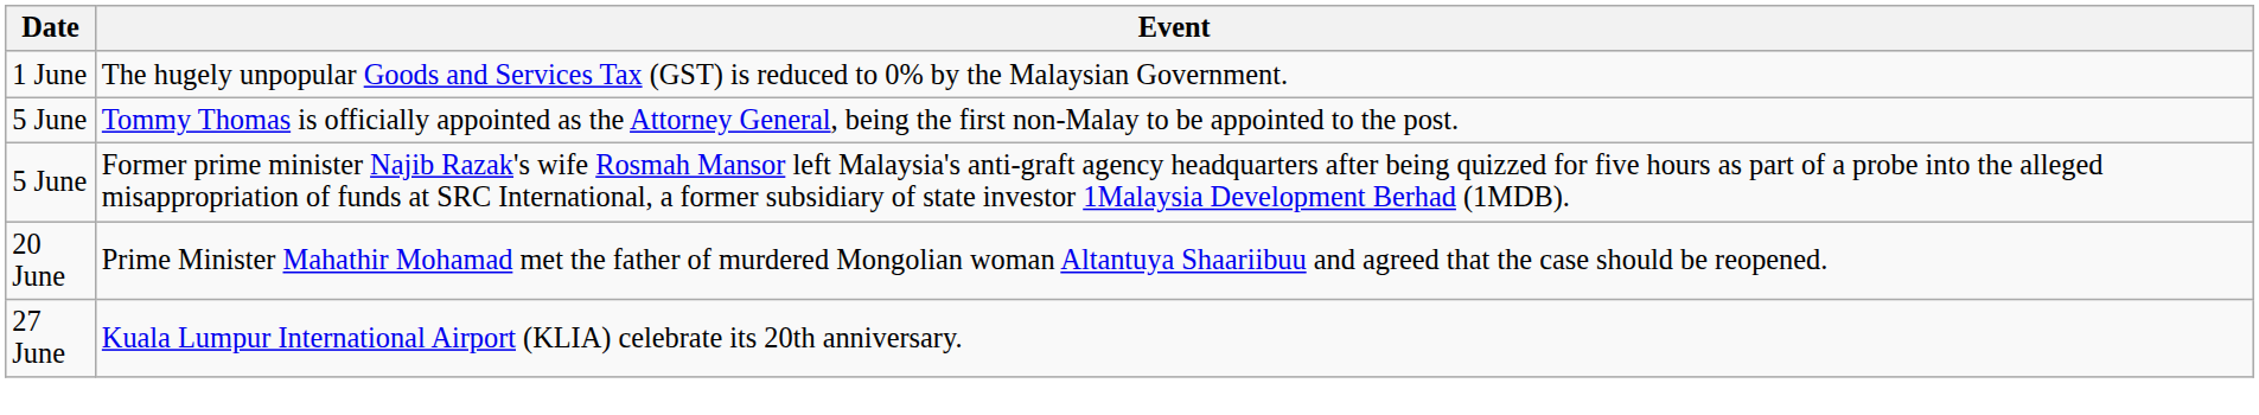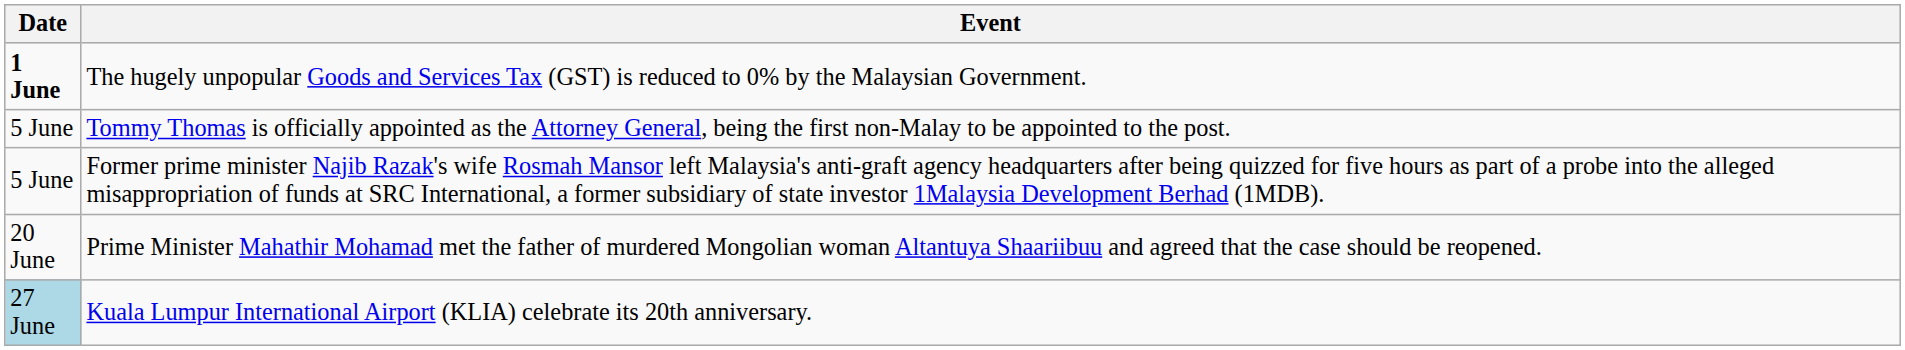 <table class="wikitable">
 <tr>
 <th>Date</th>
 <th>Event</th>
 </tr>
 <tr>
-<td>1 June</td>
+<td><strong>1 June</strong></td>
 <td>The hugely unpopular <a href='#'>Goods and Services Tax</a> (GST) is reduced to 0% by the Malaysian Government.</td>
 </tr>
 <tr>
 <td>5 June</td>
 <td><a href='#'>Tommy Thomas</a> is officially appointed as the <a href='#'>Attorney General</a>, being the first non-Malay to be appointed to the post.</td>
 </tr>
 <tr>
 <td>5 June</td>
 <td>Former prime minister <a href='#'>Najib Razak</a>'s wife <a href='#'>Rosmah Mansor</a> left Malaysia's anti-graft agency headquarters after being quizzed for five hours as part of a probe into the alleged misappropriation of funds at SRC International, a former subsidiary of state investor <a href='#'>1Malaysia Development Berhad</a> (1MDB).</td>
 </tr>
 <tr>
 <td>20 June</td>
 <td>Prime Minister <a href='#'>Mahathir Mohamad</a> met the father of murdered Mongolian woman <a href='#'>Altantuya Shaariibuu</a> and agreed that the case should be reopened.</td>
 </tr>
 <tr>
-<td>27 June</td>
+<td style="background: lightblue;">27 June</td>
 <td><a href='#'>Kuala Lumpur International Airport</a> (KLIA) celebrate its 20th anniversary.</td>
 </tr>
 </table>
